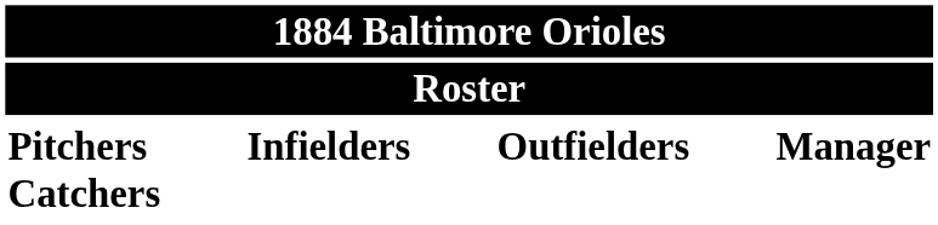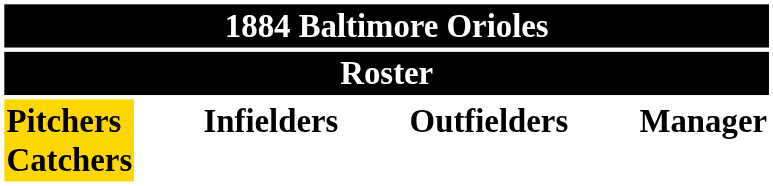 <table class="toccolours" style="font-size: 95%;">
 <tr>
 <th colspan="10" style="background-color: black; color: white; text-align: center;">1884 Baltimore Orioles</th>
 </tr>
 <tr>
 <td colspan="10" style="background-color:black; color: white; text-align: center;"><strong>Roster</strong></td>
 </tr>
 <tr>
-<td valign="top"><strong>Pitchers</strong><br>    <strong>Catchers</strong>   </td>
+<td valign="top" style="background: gold;"><strong>Pitchers</strong><br>    <strong>Catchers</strong>   </td>
 <td width="25px"></td>
 <td valign="top"><strong>Infielders</strong><br>     </td>
 <td width="25px"></td>
 <td valign="top"><strong>Outfielders</strong><br>     </td>
 <td width="25px"></td>
 <td valign="top"><strong>Manager</strong><br></td>
 </tr>
 </table>
